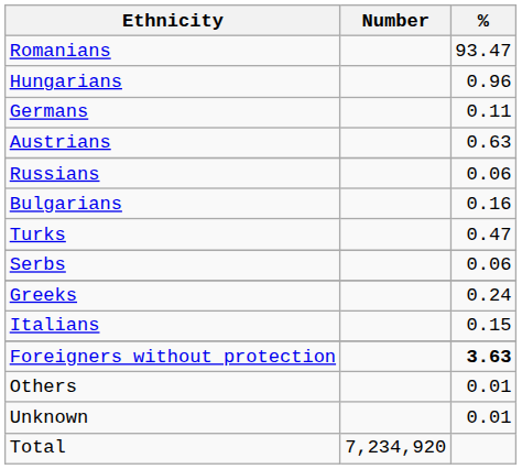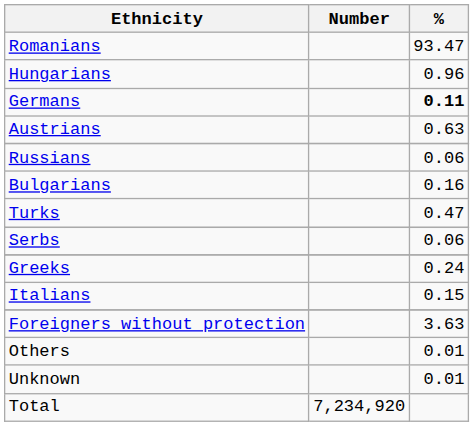 <table class="wikitable">
 <tr style="background:#e0e0e0;">
 <th>Ethnicity</th>
 <th>Number</th>
 <th>%</th>
 </tr>
 <tr>
 <td><a href='#'>Romanians</a></td>
 <td style="text-align:right;"></td>
 <td style="text-align:right;">93.47</td>
 </tr>
 <tr>
 <td><a href='#'>Hungarians</a></td>
 <td style="text-align:right;"></td>
 <td style="text-align:right;">0.96</td>
 </tr>
 <tr>
 <td><a href='#'>Germans</a></td>
 <td style="text-align:right;"></td>
-<td style="text-align:right;">0.11</td>
+<td style="text-align:right;"><strong>0.11</strong></td>
 </tr>
 <tr>
 <td><a href='#'>Austrians</a></td>
 <td style="text-align:right;"></td>
 <td style="text-align:right;">0.63</td>
 </tr>
 <tr>
 </tr>
 <tr>
 <td><a href='#'>Russians</a></td>
 <td style="text-align:right;"></td>
 <td style="text-align:right;">0.06</td>
 </tr>
 <tr>
 <td><a href='#'>Bulgarians</a></td>
 <td style="text-align:right;"></td>
 <td style="text-align:right;">0.16</td>
 </tr>
 <tr>
 <td><a href='#'>Turks</a></td>
 <td style="text-align:right;"></td>
 <td style="text-align:right;">0.47</td>
 </tr>
 <tr>
 </tr>
 <tr>
 <td><a href='#'>Serbs</a></td>
 <td style="text-align:right;"></td>
 <td style="text-align:right;">0.06</td>
 </tr>
 <tr>
 </tr>
 <tr>
 <td><a href='#'>Greeks</a></td>
 <td style="text-align:right;"></td>
 <td style="text-align:right;">0.24</td>
 </tr>
 <tr>
 <td><a href='#'>Italians</a></td>
 <td style="text-align:right;"></td>
 <td style="text-align:right;">0.15</td>
 </tr>
 <tr>
 </tr>
 <tr>
 <td><a href='#'>Foreigners without protection</a></td>
 <td style="text-align:right;"></td>
-<td style="text-align:right;"><strong>3.63</strong></td>
+<td style="text-align:right;">3.63</td>
 </tr>
 <tr>
 <td>Others</td>
 <td style="text-align:right;"></td>
 <td style="text-align:right;">0.01</td>
 </tr>
 <tr>
 <td>Unknown</td>
 <td style="text-align:right;"></td>
 <td style="text-align:right;">0.01</td>
 </tr>
 <tr>
 <td>Total</td>
 <td>7,234,920</td>
 <td></td>
 </tr>
 </table>
